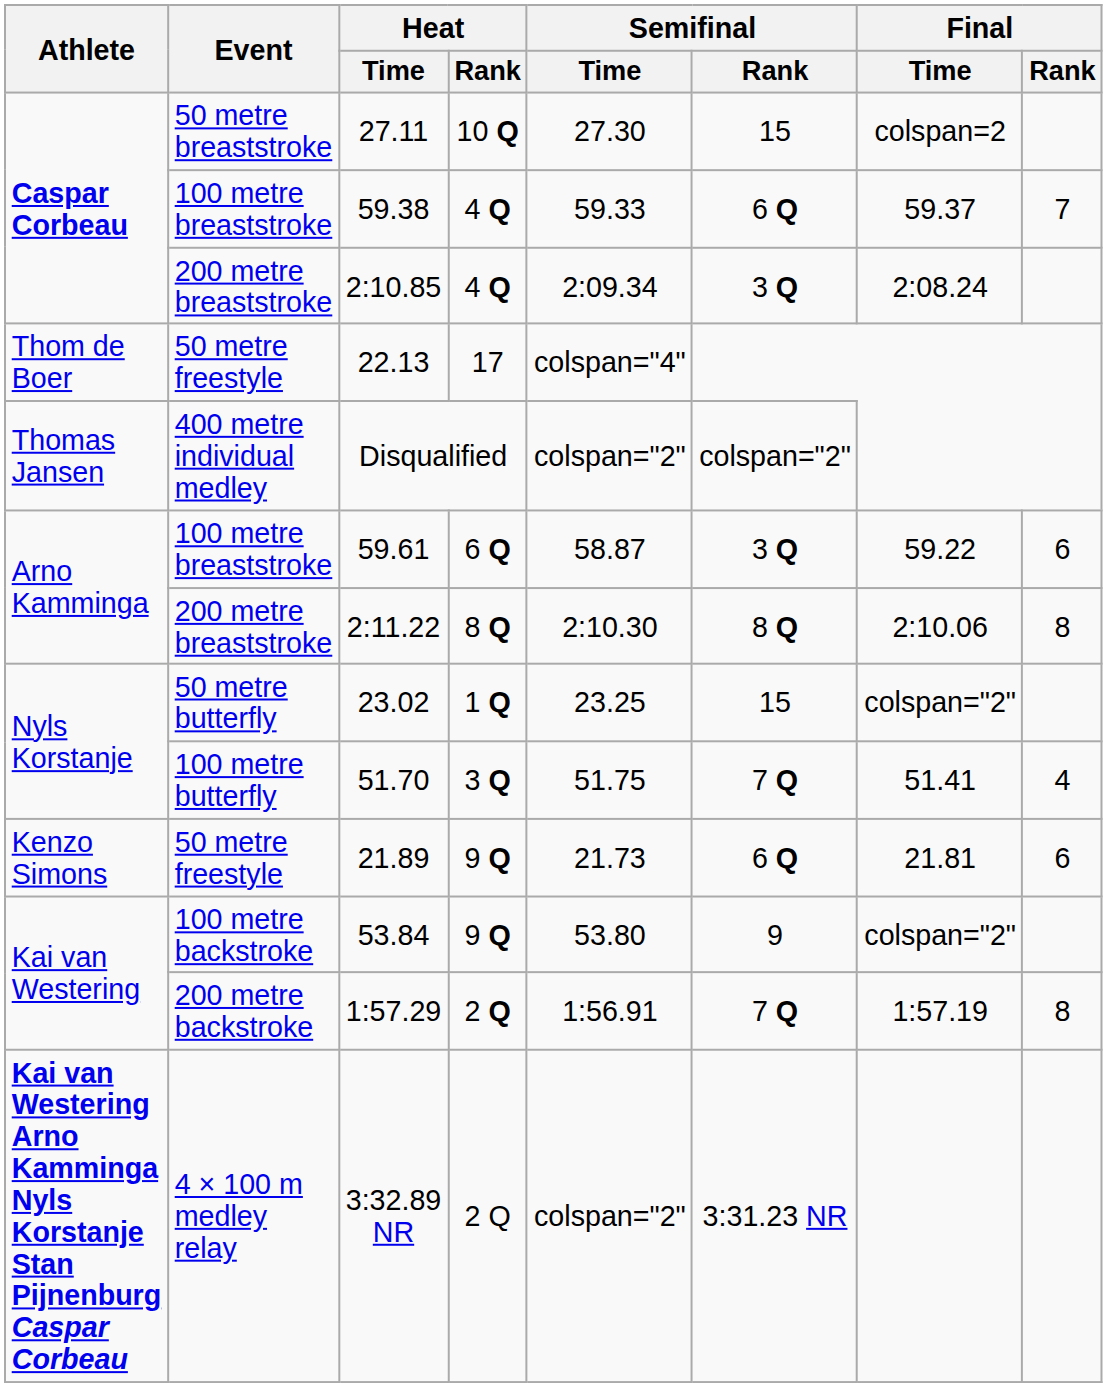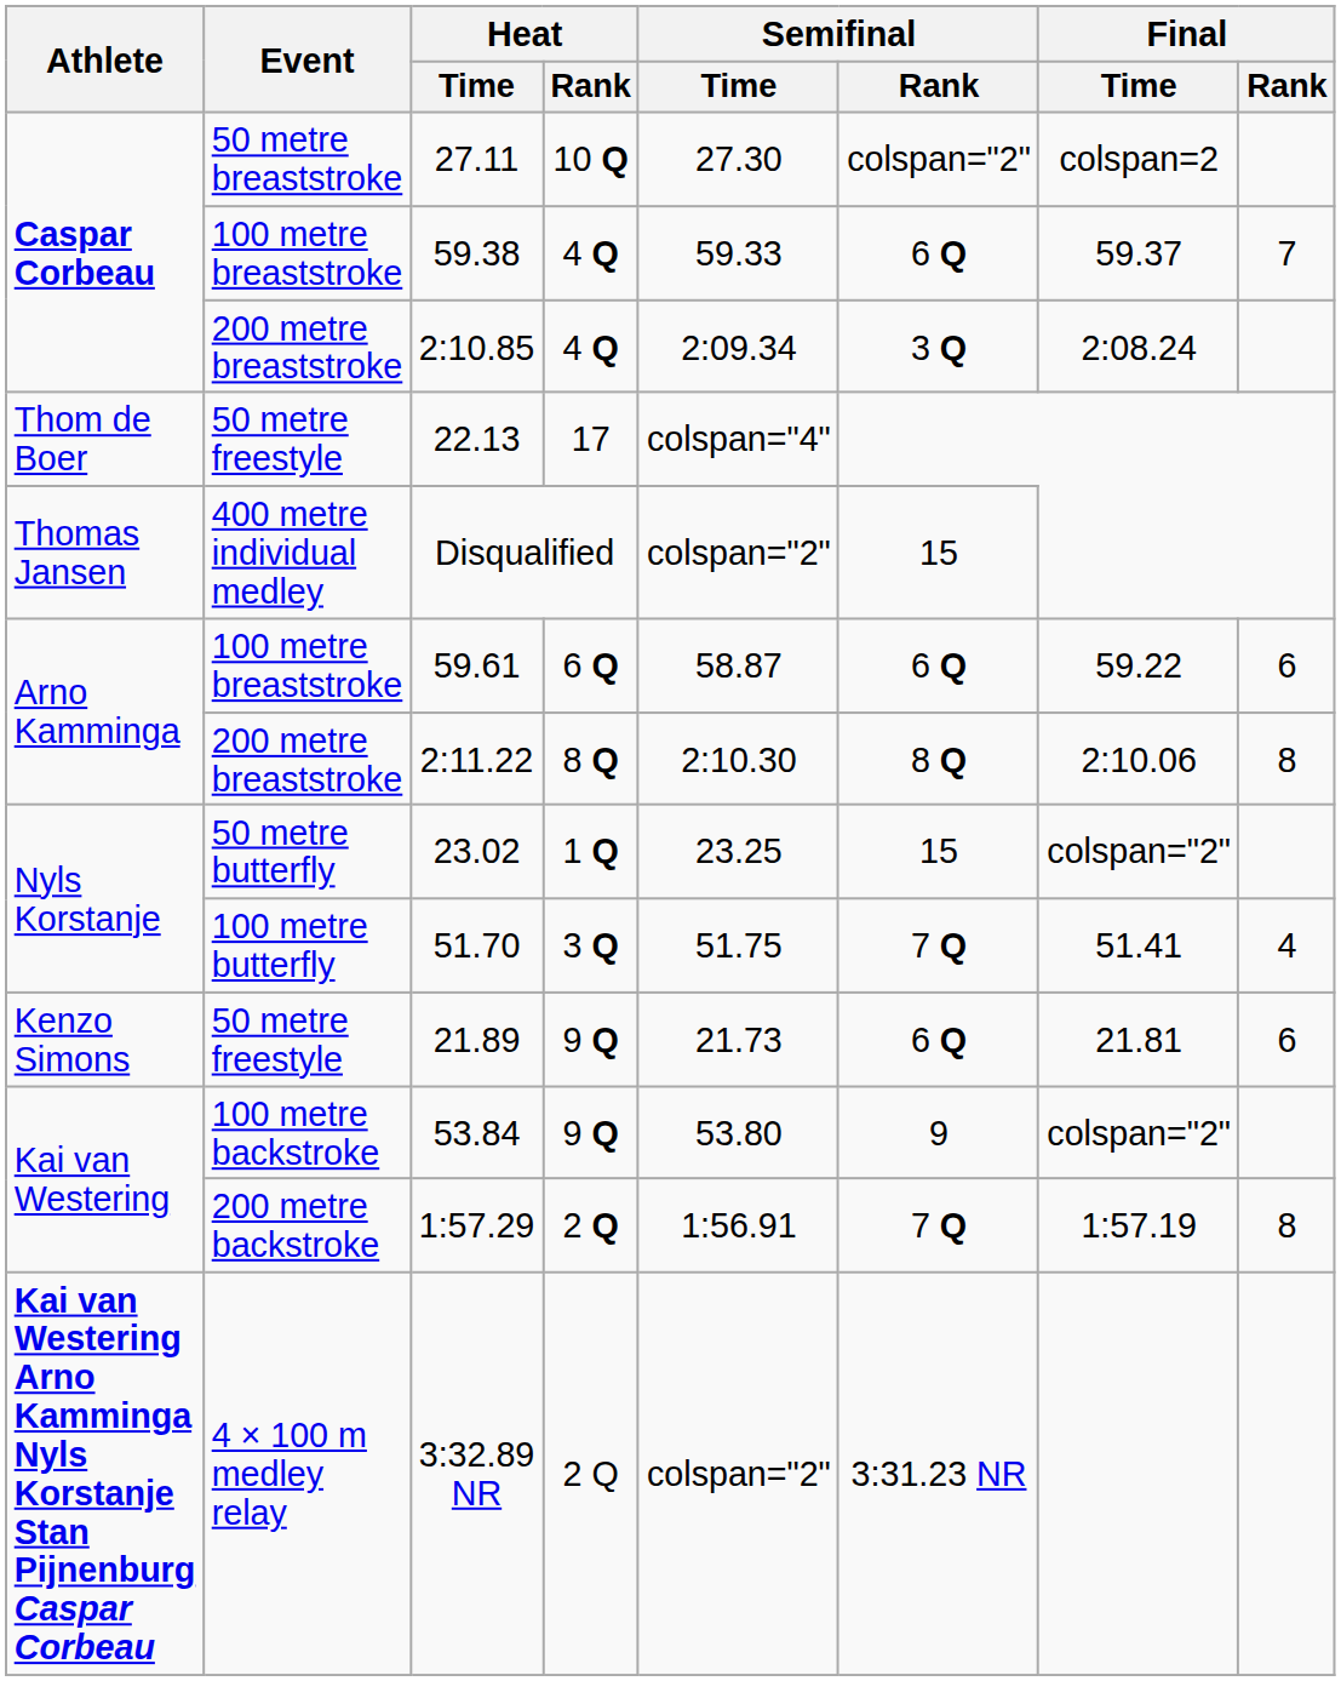 <table class="wikitable" style="text-align:center; font-size:90%; width:50%;">
 <tr>
 <th rowspan="2">Athlete</th>
 <th rowspan="2">Event</th>
 <th colspan="2">Heat</th>
 <th colspan="2">Semifinal</th>
 <th colspan="2">Final</th>
 </tr>
 <tr style="font-size:95%">
 <th>Time</th>
 <th>Rank</th>
 <th>Time</th>
 <th>Rank</th>
 <th>Time</th>
 <th>Rank</th>
 </tr>
 <tr align=center>
 <td align=left rowspan=3><strong><a href='#'>Caspar Corbeau</a></strong></td>
 <td align=left><a href='#'>50 metre breaststroke</a></td>
 <td>27.11</td>
 <td>10 <strong>Q</strong></td>
 <td>27.30</td>
-<td>15</td>
+<td>colspan="2"  </td>
 <td>colspan=2   </td>
 </tr>
 <tr align=center>
 <td align=left><a href='#'>100 metre breaststroke</a></td>
 <td>59.38</td>
 <td>4 <strong>Q</strong></td>
 <td>59.33</td>
 <td>6 <strong>Q</strong></td>
 <td>59.37</td>
 <td>7</td>
 </tr>
 <tr align=center>
 <td align=left><a href='#'>200 metre breaststroke</a></td>
 <td>2:10.85</td>
 <td>4 <strong>Q</strong></td>
 <td>2:09.34</td>
 <td>3 <strong>Q</strong></td>
 <td>2:08.24</td>
 <td></td>
 </tr>
 <tr align=center>
 <td align=left><a href='#'>Thom de Boer</a></td>
 <td align=left><a href='#'>50 metre freestyle</a></td>
 <td>22.13</td>
 <td>17</td>
 <td>colspan="4"  </td>
 </tr>
 <tr align=center>
 <td align=left><a href='#'>Thomas Jansen</a></td>
 <td align=left><a href='#'>400 metre individual medley</a></td>
 <td colspan="2">Disqualified</td>
 <td>colspan="2"  </td>
-<td>colspan="2"  </td>
+<td>15</td>
 </tr>
 <tr align=center>
 <td align=left rowspan=2><a href='#'>Arno Kamminga</a></td>
 <td align=left><a href='#'>100 metre breaststroke</a></td>
 <td>59.61</td>
 <td>6 <strong>Q</strong></td>
 <td>58.87</td>
-<td>3 <strong>Q</strong></td>
+<td>6 <strong>Q</strong></td>
 <td>59.22</td>
 <td>6</td>
 </tr>
 <tr align=center>
 <td align=left><a href='#'>200 metre breaststroke</a></td>
 <td>2:11.22</td>
 <td>8 <strong>Q</strong></td>
 <td>2:10.30</td>
 <td>8 <strong>Q</strong></td>
 <td>2:10.06</td>
 <td>8</td>
 </tr>
 <tr align=center>
 <td align=left rowspan=2><a href='#'>Nyls Korstanje</a></td>
 <td align=left><a href='#'>50 metre butterfly</a></td>
 <td>23.02</td>
 <td>1 <strong>Q</strong></td>
 <td>23.25</td>
 <td>15</td>
 <td>colspan="2"  </td>
 </tr>
 <tr align=center>
 <td align=left><a href='#'>100 metre butterfly</a></td>
 <td>51.70</td>
 <td>3 <strong>Q</strong></td>
 <td>51.75</td>
 <td>7 <strong>Q</strong></td>
 <td>51.41</td>
 <td>4</td>
 </tr>
 <tr align=center>
 <td align=left><a href='#'>Kenzo Simons</a></td>
 <td align=left><a href='#'>50 metre freestyle</a></td>
 <td>21.89</td>
 <td>9 <strong>Q</strong></td>
 <td>21.73</td>
 <td>6 <strong>Q</strong></td>
 <td>21.81</td>
 <td>6</td>
 </tr>
 <tr align=center>
 <td align=left rowspan=2><a href='#'>Kai van Westering</a></td>
 <td align=left><a href='#'>100 metre backstroke</a></td>
 <td>53.84</td>
 <td>9 <strong>Q</strong></td>
 <td>53.80</td>
 <td>9</td>
 <td>colspan="2"  </td>
 </tr>
 <tr align=center>
 <td align=left><a href='#'>200 metre backstroke</a></td>
 <td>1:57.29</td>
 <td>2 <strong>Q</strong></td>
 <td>1:56.91</td>
 <td>7 <strong>Q</strong></td>
 <td>1:57.19</td>
 <td>8</td>
 </tr>
 <tr align=center>
 <td align=left><strong><a href='#'>Kai van Westering</a><br><a href='#'>Arno Kamminga</a><br><a href='#'>Nyls Korstanje</a><br><a href='#'>Stan Pijnenburg</a><br><em><a href='#'>Caspar Corbeau</a><strong><em></td>
 <td align=left><a href='#'>4 × 100 m medley relay</a></td>
 <td>3:32.89 </strong><a href='#'>NR</a><strong></td>
 <td>2 </strong>Q<strong></td>
 <td>colspan="2"  </td>
 <td>3:31.23 </strong><a href='#'>NR</a><strong></td>
 <td></td>
 </tr>
 </table>
